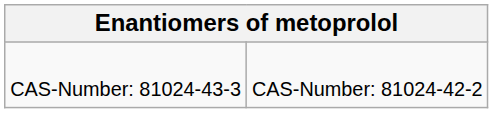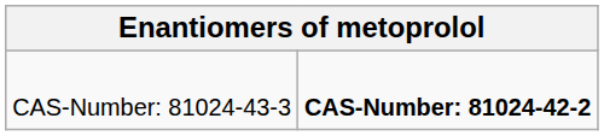 <table class="wikitable" style="text-align:center">
 <tr class="hintergrundfarbe6">
 <th colspan="2">Enantiomers of metoprolol</th>
 </tr>
 <tr>
 <td><br><small> CAS-Number: 81024-43-3</small></td>
-<td><br><small> CAS-Number: 81024-42-2</small></td>
+<td><strong><br><small> CAS-Number: 81024-42-2</small></strong></td>
 </tr>
 </table>
